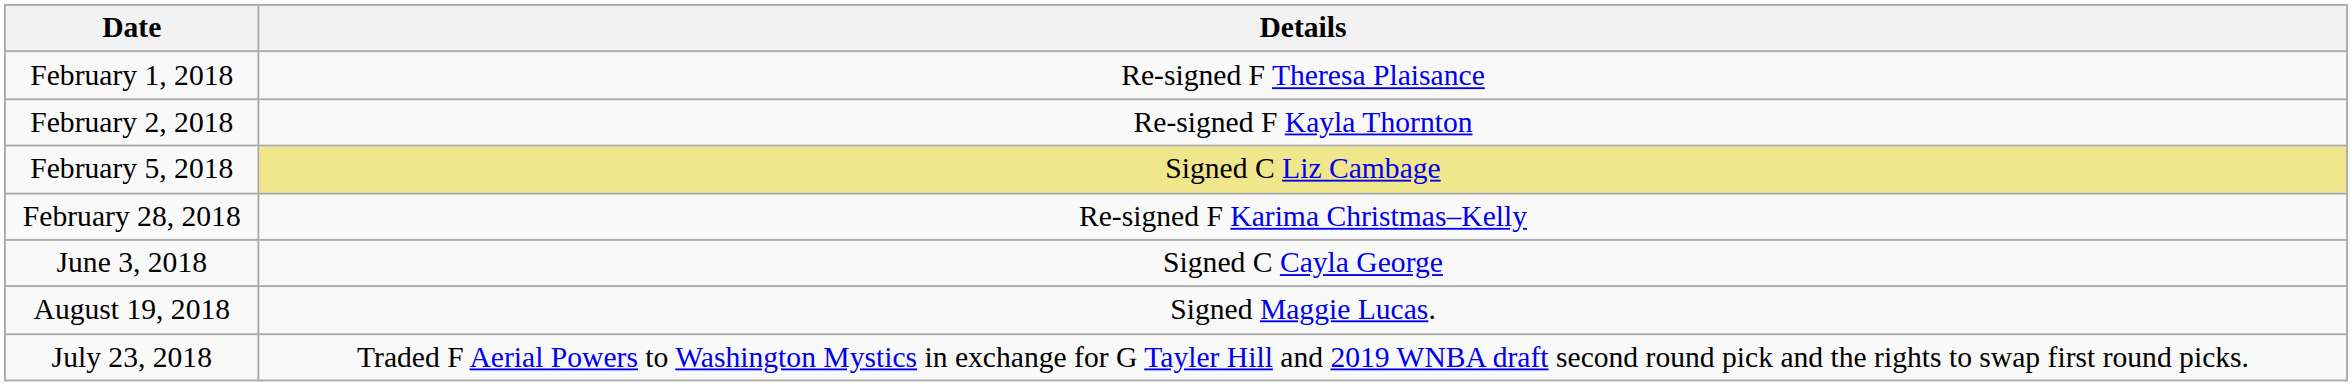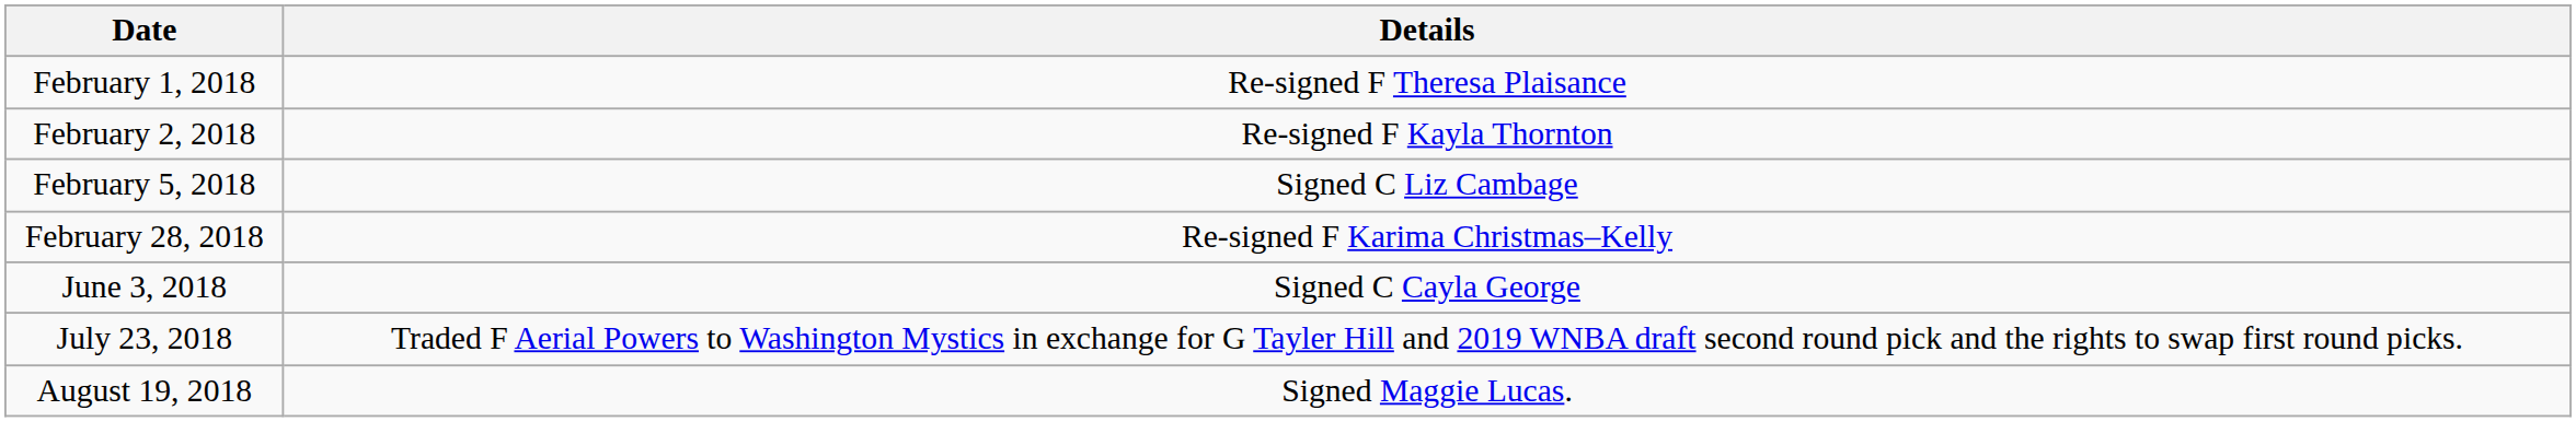 <table class="wikitable" style="width:80%; text-align: center">
 <tr>
 <th>Date</th>
 <th>Details</th>
 </tr>
 <tr>
 <td>February 1, 2018</td>
 <td>Re-signed F <a href='#'>Theresa Plaisance</a></td>
 </tr>
 <tr>
 <td>February 2, 2018</td>
 <td>Re-signed F <a href='#'>Kayla Thornton</a></td>
 </tr>
 <tr>
 <td>February 5, 2018</td>
-<td style="background: khaki;">Signed C <a href='#'>Liz Cambage</a></td>
+<td>Signed C <a href='#'>Liz Cambage</a></td>
 </tr>
 <tr>
 <td>February 28, 2018</td>
 <td>Re-signed F <a href='#'>Karima Christmas–Kelly</a></td>
 </tr>
 <tr>
 <td>June 3, 2018</td>
 <td>Signed C <a href='#'>Cayla George</a></td>
 </tr>
 <tr>
+<td>July 23, 2018</td>
+<td>Traded F <a href='#'>Aerial Powers</a> to <a href='#'>Washington Mystics</a> in exchange for G <a href='#'>Tayler Hill</a> and <a href='#'>2019 WNBA draft</a> second round pick and the rights to swap first round picks.</td>
+</tr>
+<tr>
 <td>August 19, 2018</td>
 <td>Signed <a href='#'>Maggie Lucas</a>.</td>
 </tr>
-<tr>
-<td>July 23, 2018</td>
-<td>Traded F <a href='#'>Aerial Powers</a> to <a href='#'>Washington Mystics</a> in exchange for G <a href='#'>Tayler Hill</a> and <a href='#'>2019 WNBA draft</a> second round pick and the rights to swap first round picks.</td>
-</tr>
 </table>
